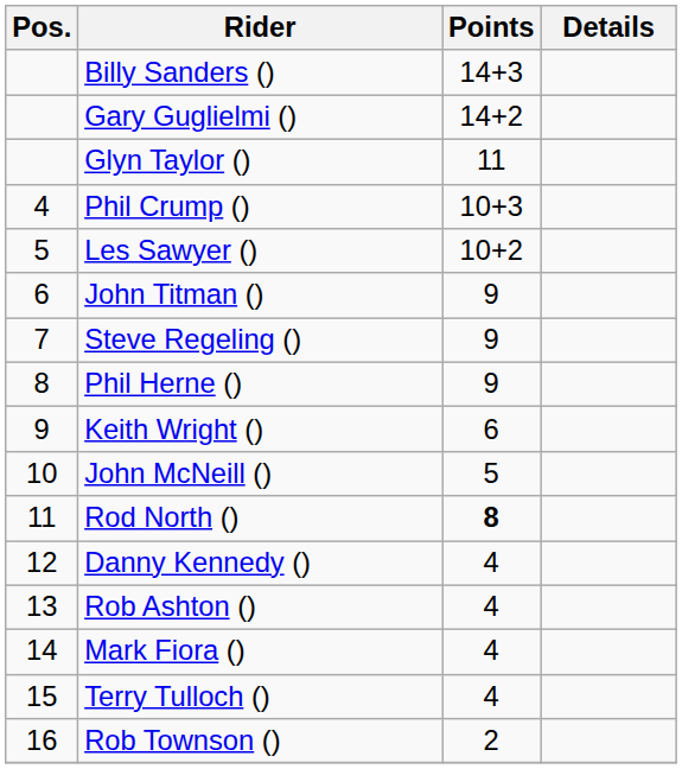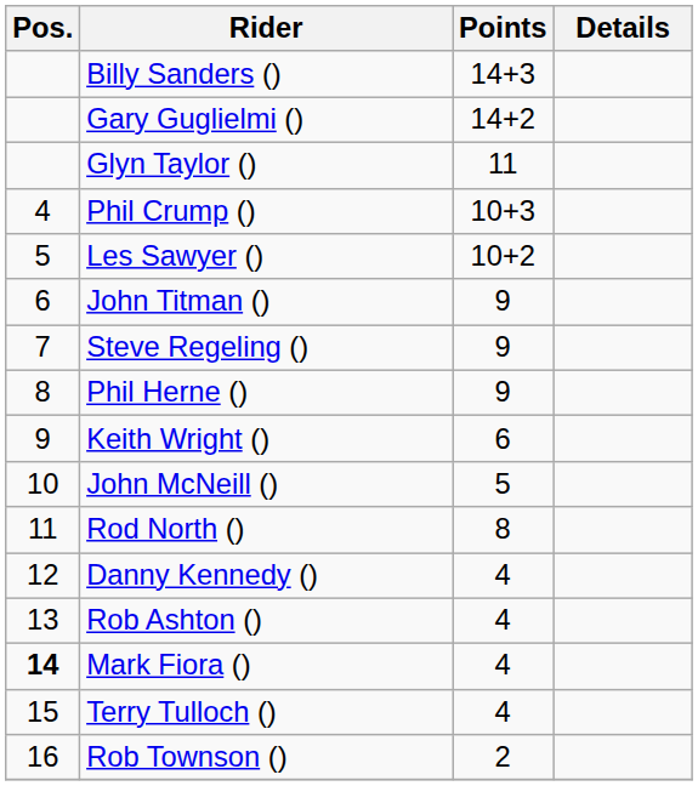 <table class=wikitable>
 <tr>
 <th width=25px>Pos.</th>
 <th width=200px>Rider</th>
 <th width=40px>Points</th>
 <th width=70px>Details</th>
 </tr>
 <tr align=center >
 <td></td>
 <td align=left><a href='#'>Billy Sanders</a> ()</td>
 <td>14+3</td>
 <td></td>
 </tr>
 <tr align=center >
 <td></td>
 <td align=left><a href='#'>Gary Guglielmi</a> ()</td>
 <td>14+2</td>
 <td></td>
 </tr>
 <tr align=center >
 <td></td>
 <td align=left><a href='#'>Glyn Taylor</a> ()</td>
 <td>11</td>
 <td></td>
 </tr>
 <tr align=center>
 <td>4</td>
 <td align=left><a href='#'>Phil Crump</a> ()</td>
 <td>10+3</td>
 <td></td>
 </tr>
 <tr align=center>
 <td>5</td>
 <td align=left><a href='#'>Les Sawyer</a> ()</td>
 <td>10+2</td>
 <td></td>
 </tr>
 <tr align=center>
 <td>6</td>
 <td align=left><a href='#'>John Titman</a> ()</td>
 <td>9</td>
 <td></td>
 </tr>
 <tr align=center>
 <td>7</td>
 <td align=left><a href='#'>Steve Regeling</a> ()</td>
 <td>9</td>
 <td></td>
 </tr>
 <tr align=center>
 <td>8</td>
 <td align=left><a href='#'>Phil Herne</a> ()</td>
 <td>9</td>
 <td></td>
 </tr>
 <tr align=center>
 <td>9</td>
 <td align=left><a href='#'>Keith Wright</a> ()</td>
 <td>6</td>
 <td></td>
 </tr>
 <tr align=center>
 <td>10</td>
 <td align=left><a href='#'>John McNeill</a> ()</td>
 <td>5</td>
 <td></td>
 </tr>
 <tr align=center>
 <td>11</td>
 <td align=left><a href='#'>Rod North</a> ()</td>
-<td><strong>8</strong></td>
+<td>8</td>
 <td></td>
 </tr>
 <tr align=center>
 <td>12</td>
 <td align=left><a href='#'>Danny Kennedy</a> ()</td>
 <td>4</td>
 <td></td>
 </tr>
 <tr align=center>
 <td>13</td>
 <td align=left><a href='#'>Rob Ashton</a> ()</td>
 <td>4</td>
 <td></td>
 </tr>
 <tr align=center>
-<td>14</td>
+<td><strong>14</strong></td>
 <td align=left><a href='#'>Mark Fiora</a> ()</td>
 <td>4</td>
 <td></td>
 </tr>
 <tr align=center>
 <td>15</td>
 <td align=left><a href='#'>Terry Tulloch</a> ()</td>
 <td>4</td>
 <td></td>
 </tr>
 <tr align=center>
 <td>16</td>
 <td align=left><a href='#'>Rob Townson</a> ()</td>
 <td>2</td>
 <td></td>
 </tr>
 <tr align=center>
 </tr>
 </table>
